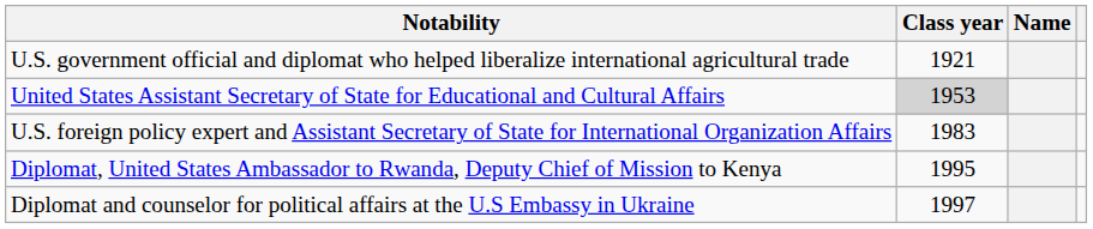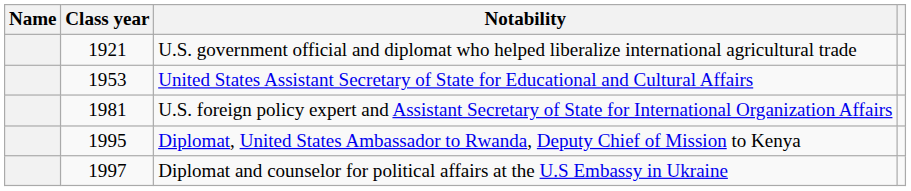 <table class="wikitable sortable plainrowheaders" style="text-align:center; border:2px solid #">
 <tr>
+<th scope="col">Name</th>
+<th scope="col">Class year</th>
 <th scope="col">Notability</th>
-<th scope="col">Class year</th>
-<th scope="col">Name</th>
 <th scope="col"></th>
 </tr>
 <tr>
+<th scope="row"></th>
+<td>1921</td>
 <td style="text-align:left;">U.S. government official and diplomat who helped liberalize international agricultural trade</td>
-<td>1921</td>
-<th scope="row"></th>
 <td></td>
 </tr>
 <tr>
+<th scope="row"></th>
+<td>1953</td>
 <td style="text-align:left;"><a href='#'>United States Assistant Secretary of State for Educational and Cultural Affairs</a></td>
-<td style="background: lightgrey;">1953</td>
-<th scope="row"></th>
 <td></td>
 </tr>
 <tr>
+<th scope="row"></th>
+<td>1981</td>
 <td style="text-align:left;">U.S. foreign policy expert and <a href='#'>Assistant Secretary of State for International Organization Affairs</a></td>
-<td>1983</td>
-<th scope="row"></th>
 <td></td>
 </tr>
 <tr>
+<th scope="row"></th>
+<td>1995</td>
 <td style="text-align:left;"><a href='#'>Diplomat</a>, <a href='#'>United States Ambassador to Rwanda</a>, <a href='#'>Deputy Chief of Mission</a> to Kenya</td>
-<td>1995</td>
-<th scope="row"></th>
 <td></td>
 </tr>
 <tr>
+<th scope="row"></th>
+<td>1997</td>
 <td style="text-align:left;">Diplomat and counselor for political affairs at the <a href='#'>U.S Embassy in Ukraine</a></td>
-<td>1997</td>
-<th scope="row"></th>
 <td></td>
 </tr>
 </table>
